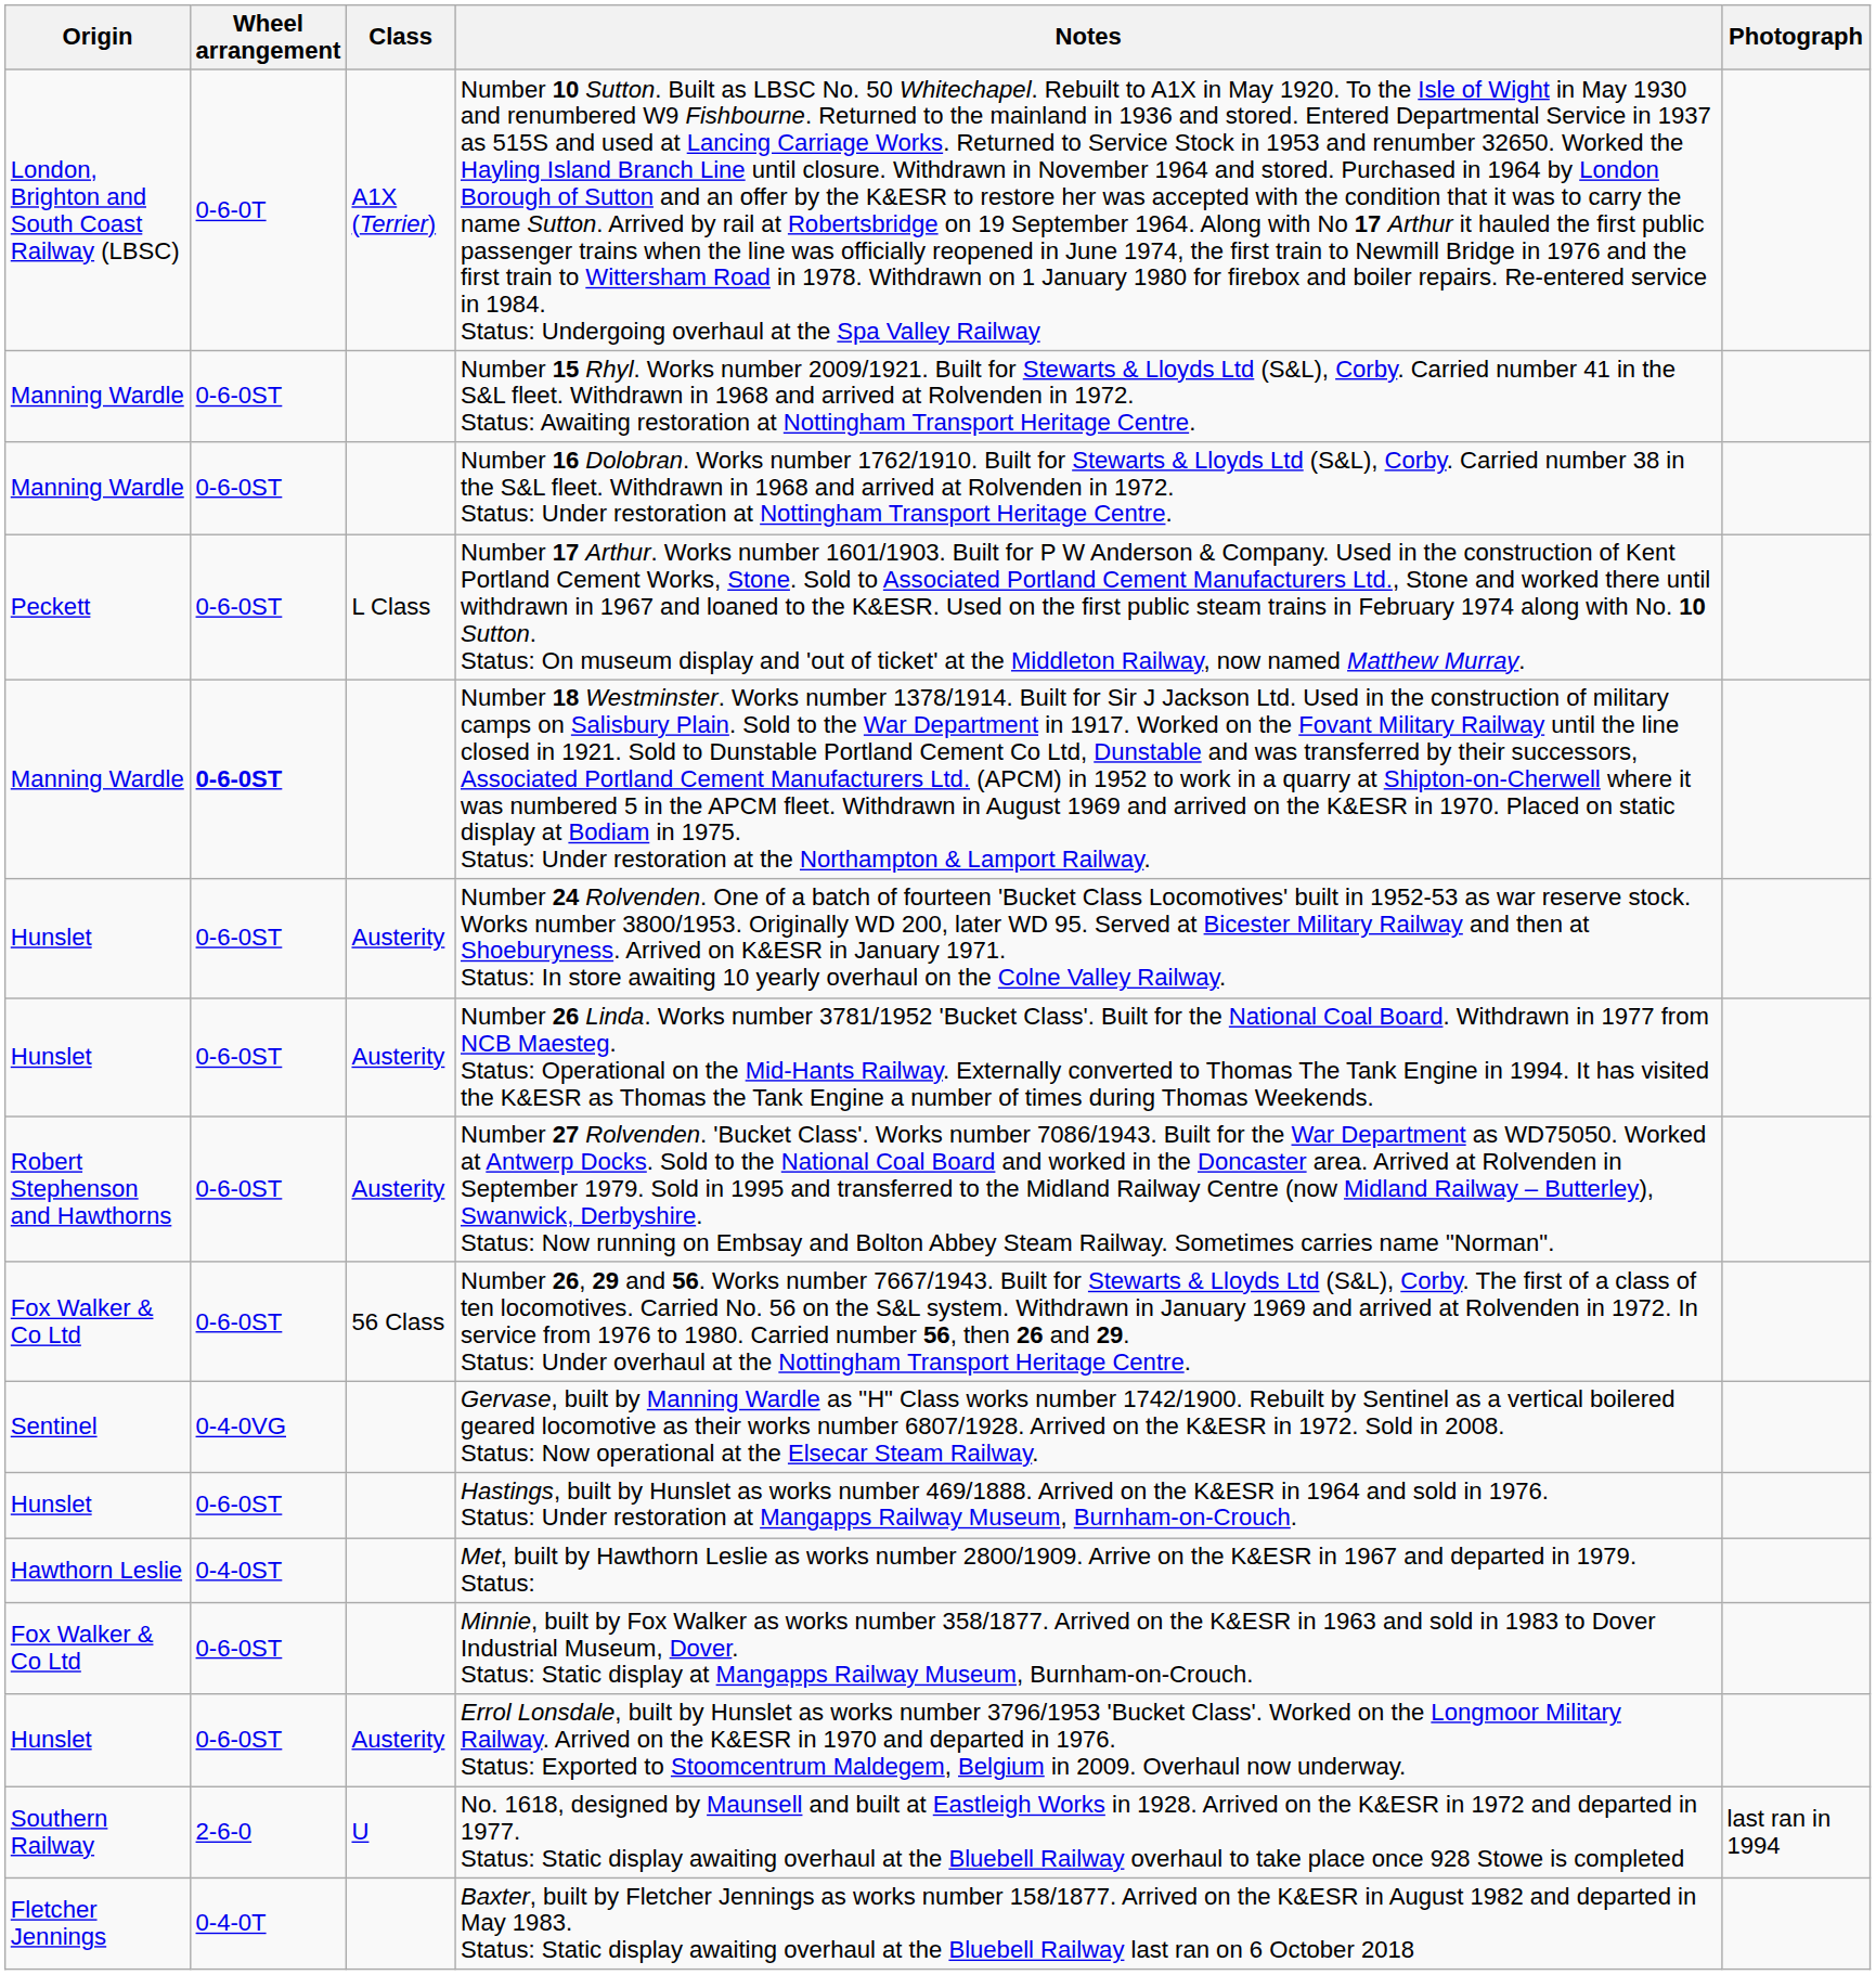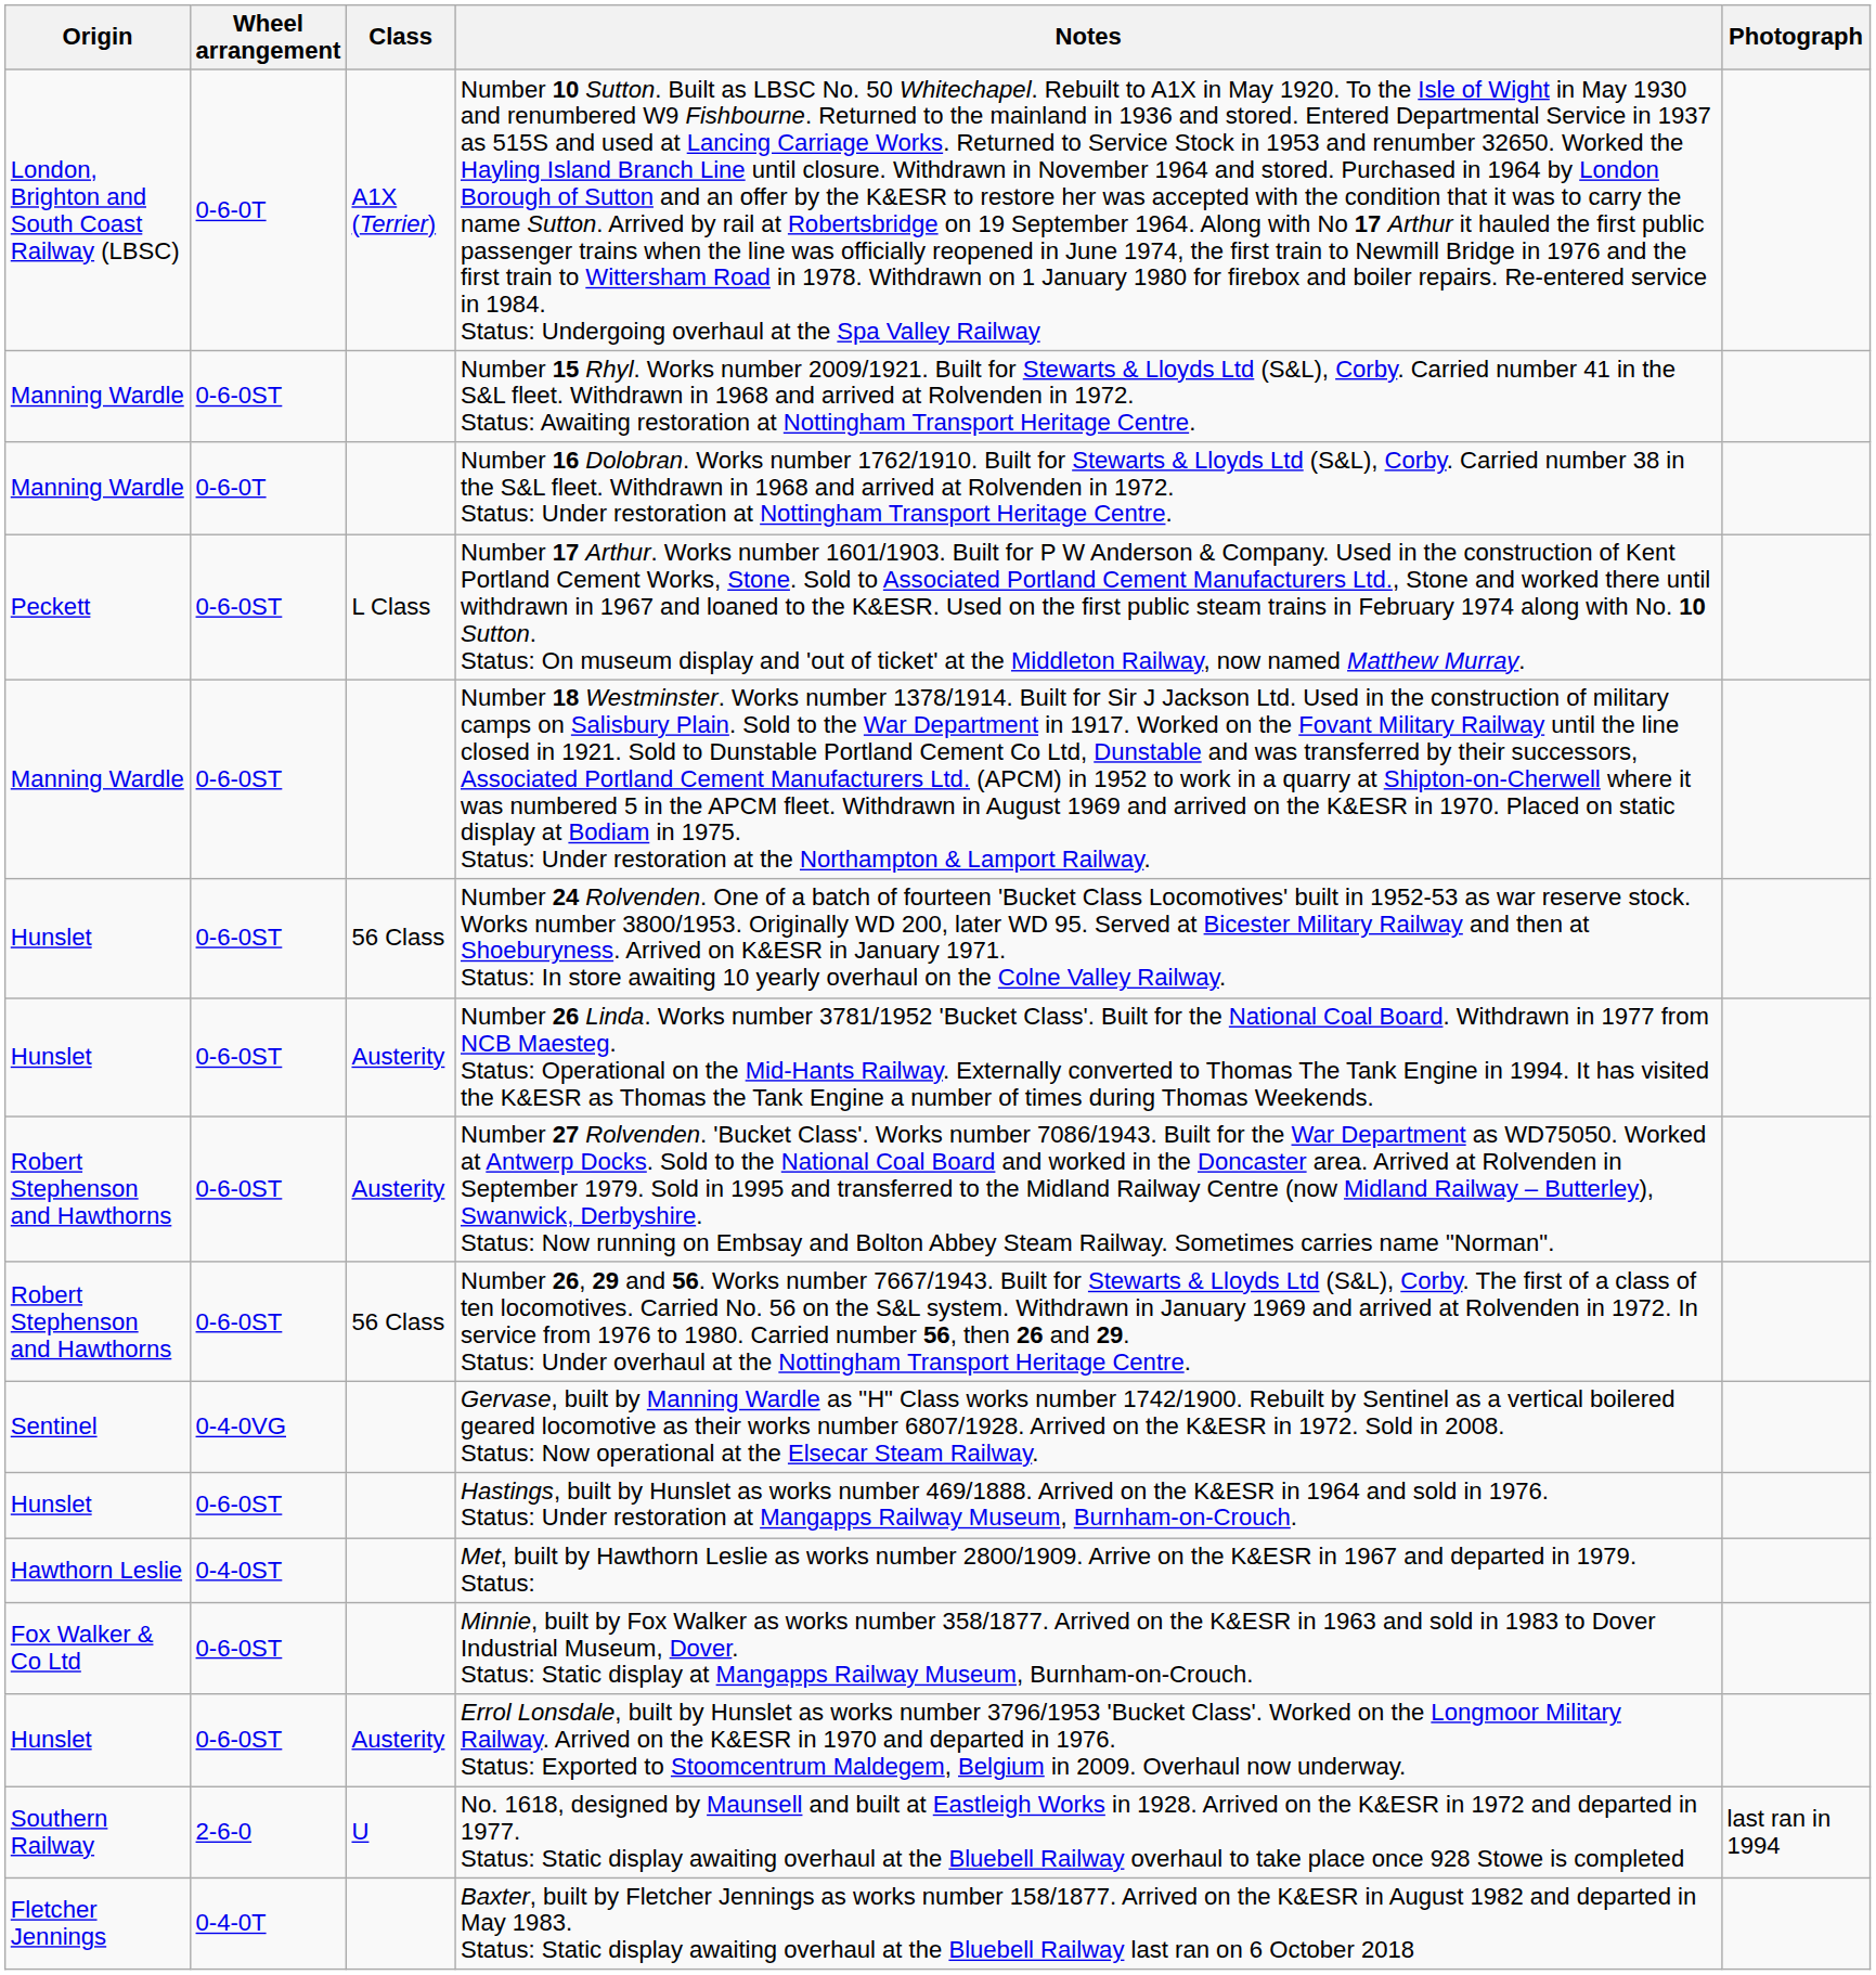 <table class="wikitable">
 <tr>
 <th>Origin</th>
 <th>Wheel<br>arrangement</th>
 <th>Class</th>
 <th>Notes</th>
 <th>Photograph</th>
 </tr>
 <tr>
 <td><a href='#'>London, Brighton and South Coast Railway</a> (LBSC)</td>
 <td><a href='#'>0-6-0T</a></td>
 <td><a href='#'>A1X (<em>Terrier</em>)</a></td>
 <td>Number <strong>10</strong> <em>Sutton</em>. Built as LBSC No. 50 <em>Whitechapel</em>. Rebuilt to A1X in May 1920. To the <a href='#'>Isle of Wight</a> in May 1930 and renumbered W9 <em>Fishbourne</em>. Returned to the mainland in 1936 and stored. Entered Departmental Service in 1937 as 515S and used at <a href='#'>Lancing Carriage Works</a>. Returned to Service Stock in 1953 and renumber 32650. Worked the <a href='#'>Hayling Island Branch Line</a> until closure. Withdrawn in November 1964 and stored. Purchased in 1964 by <a href='#'>London Borough of Sutton</a> and an offer by the K&ESR to restore her was accepted with the condition that it was to carry the name <em>Sutton</em>. Arrived by rail at <a href='#'>Robertsbridge</a> on 19 September 1964. Along with No <strong>17</strong> <em>Arthur</em> it hauled the first public passenger trains when the line was officially reopened in June 1974, the first train to Newmill Bridge in 1976 and the first train to <a href='#'>Wittersham Road</a> in 1978. Withdrawn on 1 January 1980 for firebox and boiler repairs. Re-entered service in 1984.<br>Status: Undergoing overhaul at the <a href='#'>Spa Valley Railway</a></td>
 <td></td>
 </tr>
 <tr>
 <td><a href='#'>Manning Wardle</a></td>
 <td><a href='#'>0-6-0ST</a></td>
 <td></td>
 <td>Number <strong>15</strong> <em>Rhyl</em>. Works number 2009/1921. Built for <a href='#'>Stewarts & Lloyds Ltd</a> (S&L), <a href='#'>Corby</a>. Carried number 41 in the S&L fleet. Withdrawn in 1968 and arrived at Rolvenden in 1972.<br>Status: Awaiting restoration at <a href='#'>Nottingham Transport Heritage Centre</a>.</td>
 <td></td>
 </tr>
 <tr>
 <td><a href='#'>Manning Wardle</a></td>
-<td><a href='#'>0-6-0ST</a></td>
+<td><a href='#'>0-6-0T</a></td>
 <td></td>
 <td>Number <strong>16</strong> <em>Dolobran</em>. Works number 1762/1910. Built for <a href='#'>Stewarts & Lloyds Ltd</a> (S&L), <a href='#'>Corby</a>. Carried number 38 in the S&L fleet. Withdrawn in 1968 and arrived at Rolvenden in 1972.<br>Status: Under restoration at <a href='#'>Nottingham Transport Heritage Centre</a>.</td>
 <td></td>
 </tr>
 <tr>
 <td><a href='#'>Peckett</a></td>
 <td><a href='#'>0-6-0ST</a></td>
 <td>L Class</td>
 <td>Number <strong>17</strong> <em>Arthur</em>. Works number 1601/1903. Built for P W Anderson & Company. Used in the construction of Kent Portland Cement Works, <a href='#'>Stone</a>. Sold to <a href='#'>Associated Portland Cement Manufacturers Ltd.</a>, Stone and worked there until withdrawn in 1967 and loaned to the K&ESR. Used on the first public steam trains in February 1974 along with No. <strong>10</strong> <em>Sutton</em>.<br>Status: On museum display and 'out of ticket' at the <a href='#'>Middleton Railway</a>, now named <em><a href='#'>Matthew Murray</a></em>.</td>
 <td></td>
 </tr>
 <tr>
 <td><a href='#'>Manning Wardle</a></td>
-<td><strong><a href='#'>0-6-0ST</a></strong></td>
+<td><a href='#'>0-6-0ST</a></td>
 <td></td>
 <td>Number <strong>18</strong> <em>Westminster</em>. Works number 1378/1914. Built for Sir J Jackson Ltd. Used in the construction of military camps on <a href='#'>Salisbury Plain</a>. Sold to the <a href='#'>War Department</a> in 1917. Worked on the <a href='#'>Fovant Military Railway</a> until the line closed in 1921. Sold to Dunstable Portland Cement Co Ltd, <a href='#'>Dunstable</a> and was transferred by their successors, <a href='#'>Associated Portland Cement Manufacturers Ltd.</a> (APCM) in 1952 to work in a quarry at <a href='#'>Shipton-on-Cherwell</a> where it was numbered 5 in the APCM fleet. Withdrawn in August 1969 and arrived on the K&ESR in 1970. Placed on static display at <a href='#'>Bodiam</a> in 1975.<br>Status: Under restoration at the <a href='#'>Northampton & Lamport Railway</a>.</td>
 <td></td>
 </tr>
 <tr>
 <td><a href='#'>Hunslet</a></td>
 <td><a href='#'>0-6-0ST</a></td>
-<td><a href='#'>Austerity</a></td>
+<td>56 Class</td>
 <td>Number <strong>24</strong> <em>Rolvenden</em>. One of a batch of fourteen 'Bucket Class Locomotives' built in 1952-53 as war reserve stock. Works number 3800/1953. Originally WD 200, later WD 95. Served at <a href='#'>Bicester Military Railway</a> and then at <a href='#'>Shoeburyness</a>. Arrived on K&ESR in January 1971.<br>Status: In store awaiting 10 yearly overhaul on the <a href='#'>Colne Valley Railway</a>.</td>
 <td></td>
 </tr>
 <tr>
 <td><a href='#'>Hunslet</a></td>
 <td><a href='#'>0-6-0ST</a></td>
 <td><a href='#'>Austerity</a></td>
 <td>Number <strong>26</strong> <em>Linda</em>. Works number 3781/1952 'Bucket Class'. Built for the <a href='#'>National Coal Board</a>. Withdrawn in 1977 from <a href='#'>NCB Maesteg</a>.<br>Status: Operational on the <a href='#'>Mid-Hants Railway</a>. Externally converted to Thomas The Tank Engine in 1994. It has visited the K&ESR as Thomas the Tank Engine a number of times during Thomas Weekends.</td>
 <td></td>
 </tr>
 <tr>
 <td><a href='#'>Robert Stephenson and Hawthorns</a></td>
 <td><a href='#'>0-6-0ST</a></td>
 <td><a href='#'>Austerity</a></td>
 <td>Number <strong>27</strong> <em>Rolvenden</em>. 'Bucket Class'. Works number 7086/1943. Built for the <a href='#'>War Department</a> as WD75050. Worked at <a href='#'>Antwerp Docks</a>. Sold to the <a href='#'>National Coal Board</a> and worked in the <a href='#'>Doncaster</a> area. Arrived at Rolvenden in September 1979. Sold in 1995 and transferred to the Midland Railway Centre (now <a href='#'>Midland Railway – Butterley</a>), <a href='#'>Swanwick, Derbyshire</a>.<br>Status: Now running on Embsay and Bolton Abbey Steam Railway. Sometimes carries name "Norman".</td>
 <td></td>
 </tr>
 <tr>
-<td><a href='#'>Fox Walker & Co Ltd</a></td>
+<td><a href='#'>Robert Stephenson and Hawthorns</a></td>
 <td><a href='#'>0-6-0ST</a></td>
 <td>56 Class</td>
 <td>Number <strong>26</strong>, <strong>29</strong> and <strong>56</strong>. Works number 7667/1943. Built for <a href='#'>Stewarts & Lloyds Ltd</a> (S&L), <a href='#'>Corby</a>. The first of a class of ten locomotives. Carried No. 56 on the S&L system. Withdrawn in January 1969 and arrived at Rolvenden in 1972. In service from 1976 to 1980. Carried number <strong>56</strong>, then <strong>26</strong> and <strong>29</strong>.<br>Status: Under overhaul at the <a href='#'>Nottingham Transport Heritage Centre</a>.</td>
 <td></td>
 </tr>
 <tr>
 <td><a href='#'>Sentinel</a></td>
 <td><a href='#'>0-4-0VG</a></td>
 <td></td>
 <td><em>Gervase</em>, built by <a href='#'>Manning Wardle</a> as "H" Class works number 1742/1900. Rebuilt by Sentinel as a vertical boilered geared locomotive as their works number 6807/1928. Arrived on the K&ESR in 1972. Sold in 2008.<br>Status: Now operational at the <a href='#'>Elsecar Steam Railway</a>.</td>
 <td></td>
 </tr>
 <tr>
 <td><a href='#'>Hunslet</a></td>
 <td><a href='#'>0-6-0ST</a></td>
 <td></td>
 <td><em>Hastings</em>, built by Hunslet as works number 469/1888. Arrived on the K&ESR in 1964 and sold in 1976.<br>Status: Under restoration at <a href='#'>Mangapps Railway Museum</a>, <a href='#'>Burnham-on-Crouch</a>.</td>
 <td></td>
 </tr>
 <tr>
 <td><a href='#'>Hawthorn Leslie</a></td>
 <td><a href='#'>0-4-0ST</a></td>
 <td></td>
 <td><em>Met</em>, built by Hawthorn Leslie as works number 2800/1909. Arrive on the K&ESR in 1967 and departed in 1979.<br>Status:</td>
 <td></td>
 </tr>
 <tr>
 <td><a href='#'>Fox Walker & Co Ltd</a></td>
 <td><a href='#'>0-6-0ST</a></td>
 <td></td>
 <td><em>Minnie</em>, built by Fox Walker as works number 358/1877. Arrived on the K&ESR in 1963 and sold in 1983 to Dover Industrial Museum, <a href='#'>Dover</a>.<br>Status: Static display at <a href='#'>Mangapps Railway Museum</a>, Burnham-on-Crouch.</td>
 <td></td>
 </tr>
 <tr>
 <td><a href='#'>Hunslet</a></td>
 <td><a href='#'>0-6-0ST</a></td>
 <td><a href='#'>Austerity</a></td>
 <td><em>Errol Lonsdale</em>, built by Hunslet as works number 3796/1953 'Bucket Class'. Worked on the <a href='#'>Longmoor Military Railway</a>. Arrived on the K&ESR in 1970 and departed in 1976.<br>Status: Exported to <a href='#'>Stoomcentrum Maldegem</a>, <a href='#'>Belgium</a> in 2009. Overhaul now underway.</td>
 <td></td>
 </tr>
 <tr>
 <td><a href='#'>Southern Railway</a></td>
 <td><a href='#'>2-6-0</a></td>
 <td><a href='#'>U</a></td>
 <td>No. 1618, designed by <a href='#'>Maunsell</a> and built at <a href='#'>Eastleigh Works</a> in 1928. Arrived on the K&ESR in 1972 and departed in 1977.<br>Status: Static display awaiting overhaul at the <a href='#'>Bluebell Railway</a> overhaul to take place once 928 Stowe is completed</td>
 <td> last ran in 1994</td>
 </tr>
 <tr>
 <td><a href='#'>Fletcher Jennings</a></td>
 <td><a href='#'>0-4-0T</a></td>
 <td></td>
 <td><em>Baxter</em>, built by Fletcher Jennings as works number 158/1877. Arrived on the K&ESR in August 1982 and departed in May 1983.<br>Status: Static display awaiting overhaul at the <a href='#'>Bluebell Railway</a> last ran on 6 October 2018</td>
 <td></td>
 </tr>
 </table>
